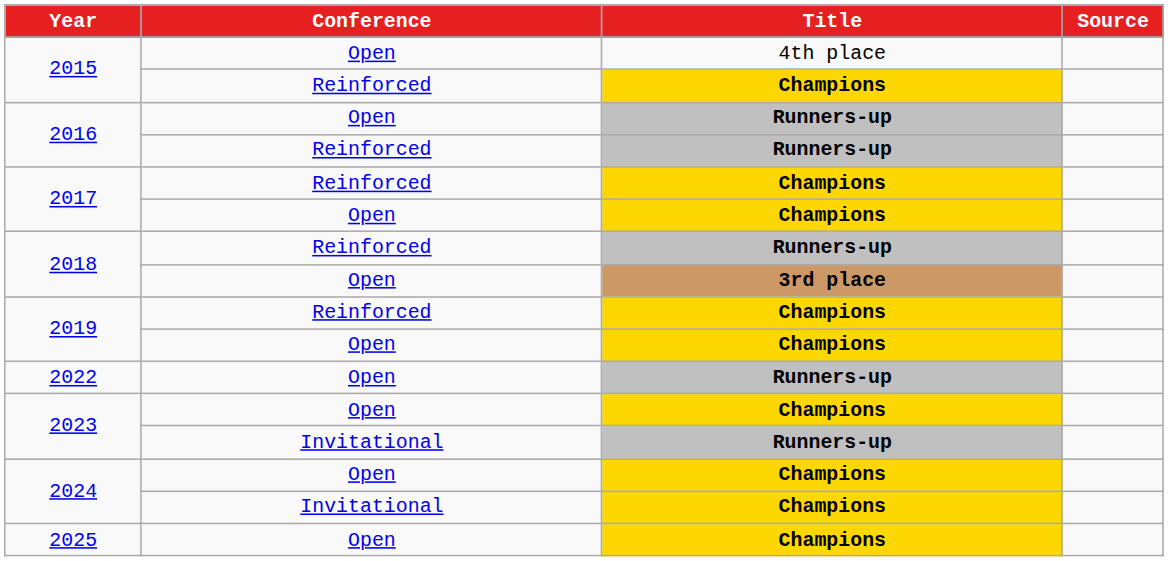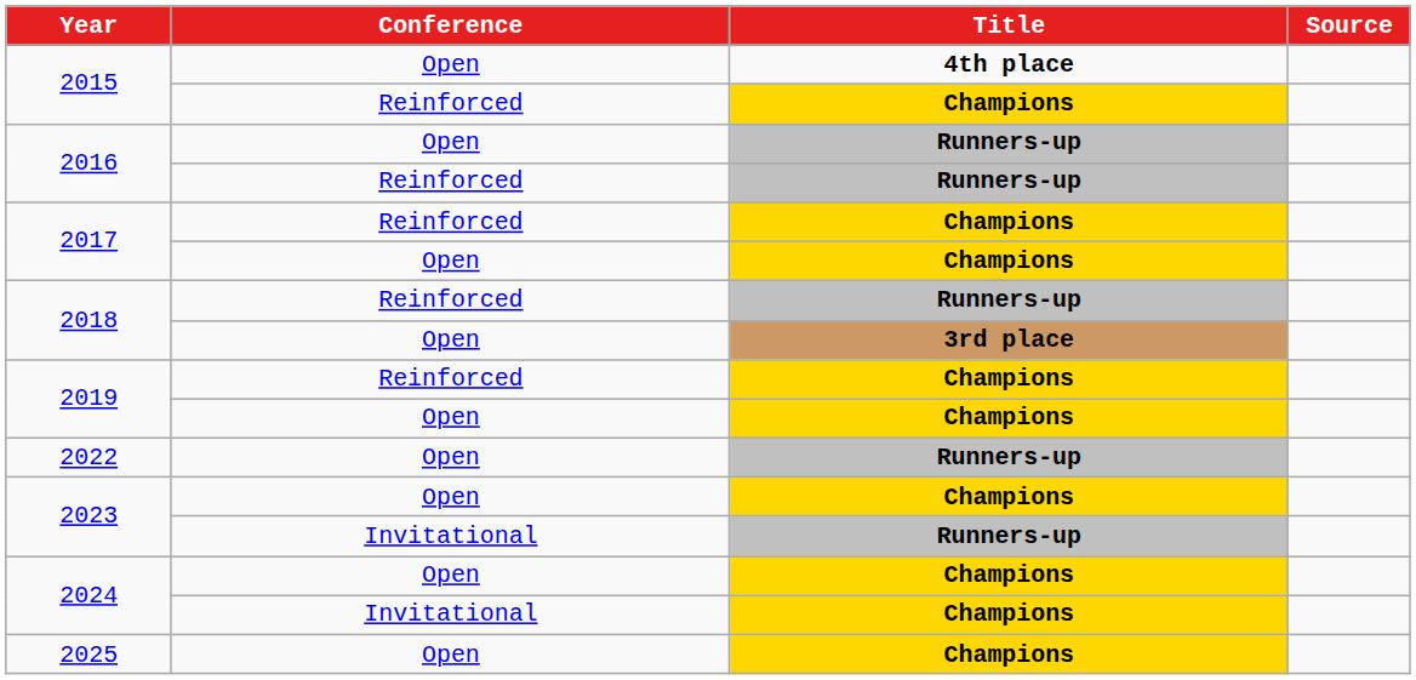 <table class="wikitable" style="width:60%;">
 <tr>
 <th width=70px style="background: #E62020; color: white; text-align: center"><strong>Year</strong></th>
 <th width=250px style="background: #E62020; color: White"><strong>Conference</strong></th>
 <th width=250px style="background: #E62020; color: White"><strong>Title</strong></th>
 <th width=50px style="background: #E62020; color: White"><strong>Source</strong></th>
 </tr>
 <tr align=center>
 <td rowspan=2><a href='#'>2015</a></td>
 <td><a href='#'>Open</a></td>
-<td>4th place</td>
+<td><strong>4th place</strong></td>
 <td></td>
 </tr>
 <tr align=center>
 <td><a href='#'>Reinforced</a></td>
 <td style="background:gold"><strong>Champions</strong></td>
 <td></td>
 </tr>
 <tr align=center>
 <td rowspan=2><a href='#'>2016</a></td>
 <td><a href='#'>Open</a></td>
 <td style="background:silver"><strong>Runners-up</strong></td>
 <td></td>
 </tr>
 <tr align=center>
 <td><a href='#'>Reinforced</a></td>
 <td style="background:silver"><strong>Runners-up</strong></td>
 <td></td>
 </tr>
 <tr align=center>
 <td rowspan=2><a href='#'>2017</a></td>
 <td><a href='#'>Reinforced</a> </td>
 <td style="background:gold"><strong>Champions</strong></td>
 <td></td>
 </tr>
 <tr align=center>
 <td><a href='#'>Open</a> </td>
 <td style="background:gold"><strong>Champions</strong></td>
 <td></td>
 </tr>
 <tr align=center>
 <td rowspan=2><a href='#'>2018</a></td>
 <td><a href='#'>Reinforced</a> </td>
 <td style="background:silver"><strong>Runners-up</strong></td>
 <td></td>
 </tr>
 <tr align=center>
 <td><a href='#'>Open</a></td>
 <td style="background:#CC9966;"><strong>3rd place</strong></td>
 <td></td>
 </tr>
 <tr align=center>
 <td rowspan=2><a href='#'>2019</a></td>
 <td><a href='#'>Reinforced</a></td>
 <td style="background:gold"><strong>Champions</strong></td>
 <td></td>
 </tr>
 <tr align=center>
 <td><a href='#'>Open</a></td>
 <td style="background:gold"><strong>Champions</strong></td>
 <td></td>
 </tr>
 <tr align=center>
 <td rowspan=1><a href='#'>2022</a></td>
 <td><a href='#'>Open</a></td>
 <td style="background:silver;"><strong>Runners-up</strong></td>
 <td></td>
 </tr>
 <tr align=center>
 <td rowspan=2><a href='#'>2023</a></td>
 <td><a href='#'>Open</a></td>
 <td style="background:gold"><strong>Champions</strong></td>
 <td></td>
 </tr>
 <tr align=center>
 <td><a href='#'>Invitational</a></td>
 <td style="background:silver"><strong>Runners-up</strong></td>
 <td></td>
 </tr>
 <tr align=center>
 <td rowspan=2><a href='#'>2024</a></td>
 <td><a href='#'>Open</a></td>
 <td style="background:gold"><strong>Champions</strong></td>
 <td></td>
 </tr>
 <tr align=center>
 <td><a href='#'>Invitational</a></td>
 <td style="background:gold"><strong>Champions</strong></td>
 <td></td>
 </tr>
 <tr align=center>
 <td rowspan=2><a href='#'>2025</a></td>
 <td><a href='#'>Open</a></td>
 <td style="background:gold"><strong>Champions</strong></td>
 <td></td>
 </tr>
 </table>
